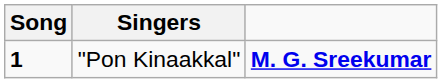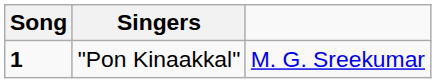 <table class="wikitable">
 <tr>
 <th>Song</th>
 <th>Singers</th>
 </tr>
 <tr>
 <td><strong>1</strong></td>
 <td>"Pon Kinaakkal"</td>
-<td><strong><a href='#'>M. G. Sreekumar</a></strong></td>
+<td><a href='#'>M. G. Sreekumar</a></td>
 </tr>
 </table>
